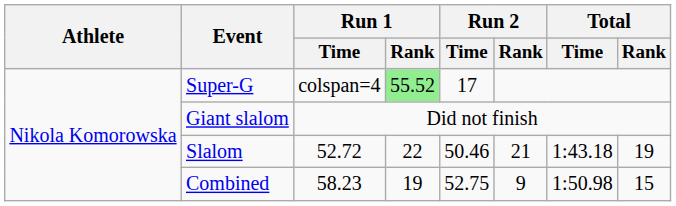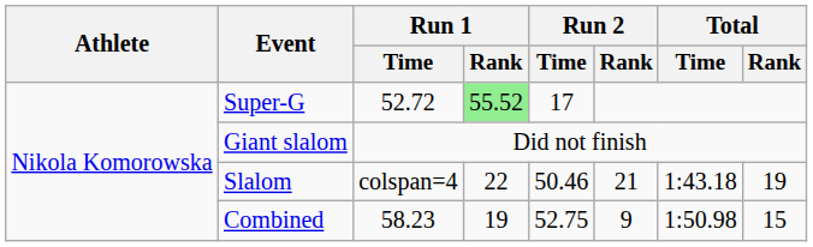 <table class="wikitable" style="font-size:90%">
 <tr>
 <th rowspan=2>Athlete</th>
 <th rowspan=2>Event</th>
 <th colspan=2>Run 1</th>
 <th colspan=2>Run 2</th>
 <th colspan=2>Total</th>
 </tr>
 <tr style="font-size:95%">
 <th>Time</th>
 <th>Rank</th>
 <th>Time</th>
 <th>Rank</th>
 <th>Time</th>
 <th>Rank</th>
 </tr>
 <tr align=center>
 <td align="left" rowspan="4"><a href='#'>Nikola Komorowska</a></td>
 <td align="left"><a href='#'>Super-G</a></td>
-<td>colspan=4</td>
+<td>52.72</td>
 <td style="background: lightgreen;">55.52</td>
 <td>17</td>
 </tr>
 <tr align=center>
 <td align="left"><a href='#'>Giant slalom</a></td>
 <td colspan=6>Did not finish</td>
 </tr>
 <tr align=center>
 <td align="left"><a href='#'>Slalom</a></td>
-<td>52.72</td>
+<td>colspan=4</td>
 <td>22</td>
 <td>50.46</td>
 <td>21</td>
 <td>1:43.18</td>
 <td>19</td>
 </tr>
 <tr align=center>
 <td align="left"><a href='#'>Combined</a></td>
 <td>58.23</td>
 <td>19</td>
 <td>52.75</td>
 <td>9</td>
 <td>1:50.98</td>
 <td>15</td>
 </tr>
 </table>
